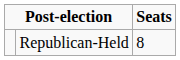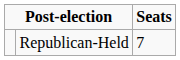 <table class= "wikitable">
 <tr>
 <td colspan= "2" rowspan= "1" align= "center" valign= "top"><strong>Post-election</strong></td>
 <td valign= "top"><strong>Seats</strong><br></td>
 </tr>
 <tr>
 <td style="background-color:"> </td>
 <td>Republican-Held</td>
-<td>8</td>
+<td>7</td>
 </tr>
 <tr>
 </tr>
 </table>
